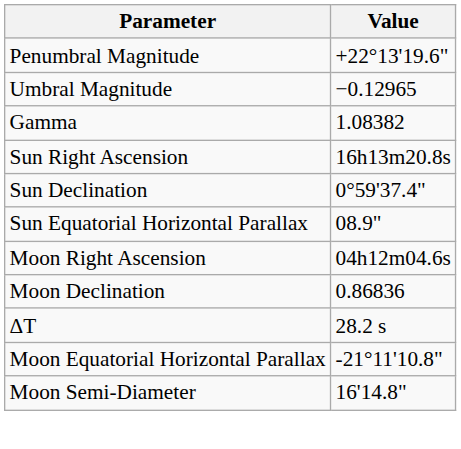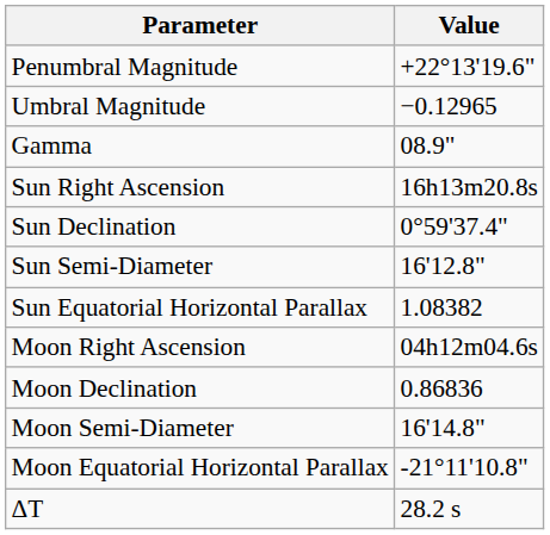 <table class="wikitable">
 <tr>
 <th>Parameter</th>
 <th>Value</th>
 </tr>
 <tr>
 <td>Penumbral Magnitude</td>
 <td>+22°13'19.6"</td>
 </tr>
 <tr>
 <td>Umbral Magnitude</td>
 <td>−0.12965</td>
 </tr>
 <tr>
 <td>Gamma</td>
-<td>1.08382</td>
+<td>08.9"</td>
 </tr>
 <tr>
 <td>Sun Right Ascension</td>
 <td>16h13m20.8s</td>
 </tr>
 <tr>
 <td>Sun Declination</td>
 <td>0°59'37.4"</td>
 </tr>
 <tr>
+<td>Sun Semi-Diameter</td>
+<td>16'12.8"</td>
+</tr>
+<tr>
 <td>Sun Equatorial Horizontal Parallax</td>
-<td>08.9"</td>
+<td>1.08382</td>
 </tr>
 <tr>
 <td>Moon Right Ascension</td>
 <td>04h12m04.6s</td>
 </tr>
 <tr>
 <td>Moon Declination</td>
 <td>0.86836</td>
 </tr>
 <tr>
-<td>ΔT</td>
-<td>28.2 s</td>
+<td>Moon Semi-Diameter</td>
+<td>16'14.8"</td>
 </tr>
 <tr>
 <td>Moon Equatorial Horizontal Parallax</td>
 <td>-21°11'10.8"</td>
 </tr>
 <tr>
-<td>Moon Semi-Diameter</td>
-<td>16'14.8"</td>
+<td>ΔT</td>
+<td>28.2 s</td>
 </tr>
 </table>
